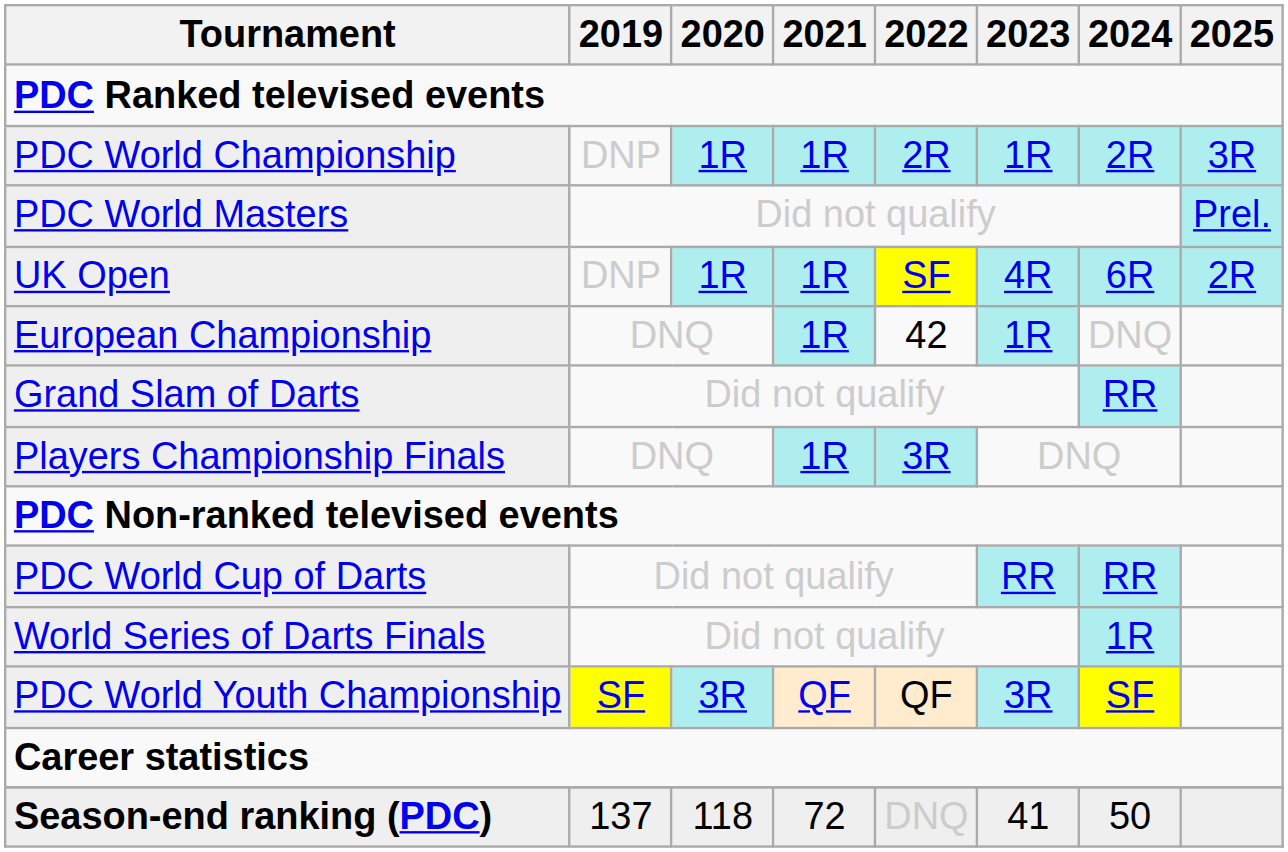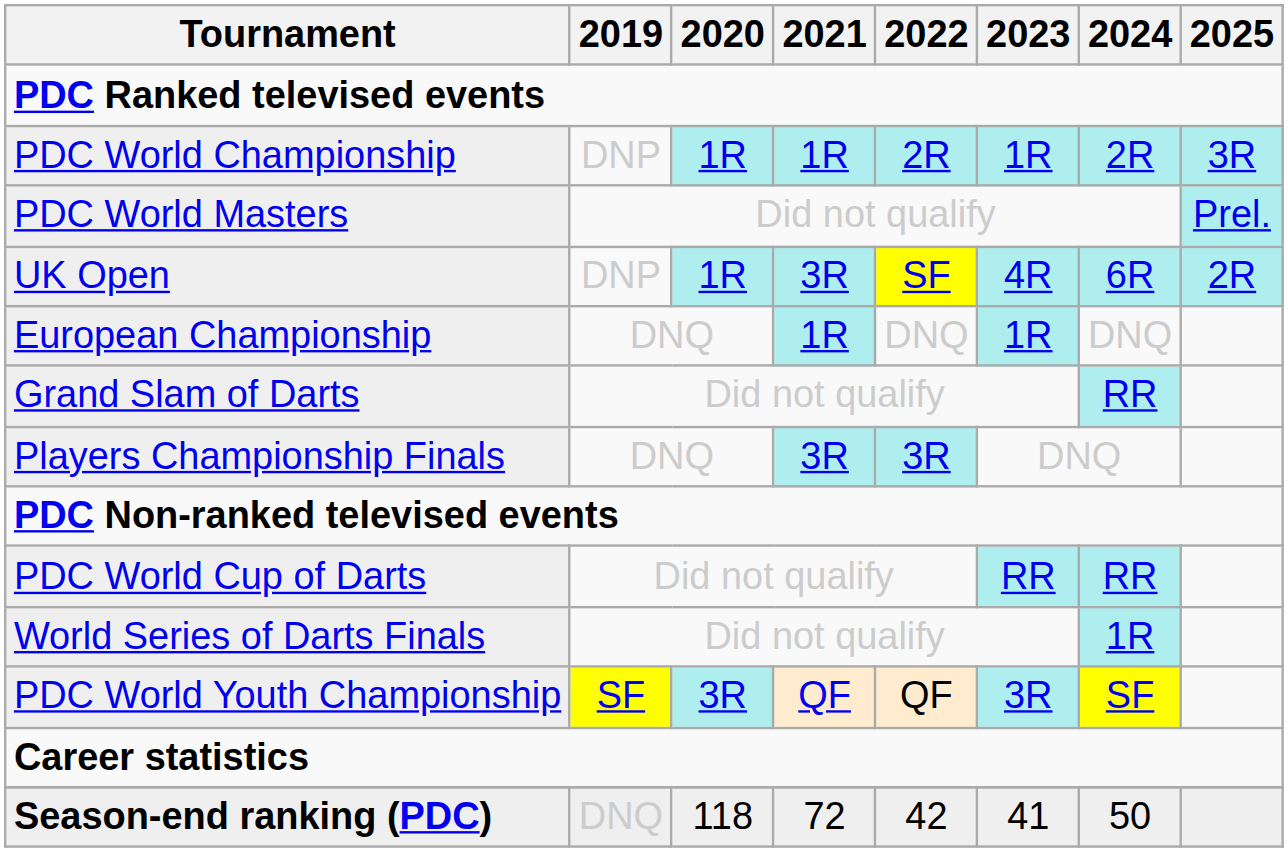 <table class="wikitable">
 <tr>
 <th>Tournament</th>
 <th>2019</th>
 <th>2020</th>
 <th>2021</th>
 <th>2022</th>
 <th>2023</th>
 <th>2024</th>
 <th>2025</th>
 </tr>
 <tr>
 <td colspan="14" align="left"><strong><a href='#'>PDC</a> Ranked televised events</strong></td>
 </tr>
 <tr>
 <td style="background:#efefef;"><a href='#'>PDC World Championship</a></td>
 <td style="text-align:center; color:#ccc;">DNP</td>
 <td style="text-align:center; background:#afeeee;"><a href='#'>1R</a></td>
 <td style="text-align:center; background:#afeeee;"><a href='#'>1R</a></td>
 <td style="text-align:center; background:#afeeee;"><a href='#'>2R</a></td>
 <td style="text-align:center; background:#afeeee;"><a href='#'>1R</a></td>
 <td style="text-align:center; background:#afeeee;"><a href='#'>2R</a></td>
 <td style="text-align:center; background:#afeeee;"><a href='#'>3R</a></td>
 </tr>
 <tr>
 <td style="background:#efefef;"><a href='#'>PDC World Masters</a></td>
 <td colspan="6" style="text-align:center; color:#ccc;">Did not qualify</td>
 <td style="text-align:center; background:#afeeee;"><a href='#'>Prel.</a></td>
 </tr>
 <tr>
 <td style="background:#efefef;"><a href='#'>UK Open</a></td>
 <td style="text-align:center; color:#ccc;">DNP</td>
 <td style="text-align:center; background:#afeeee;"><a href='#'>1R</a></td>
-<td style="text-align:center; background:#afeeee;"><a href='#'>1R</a></td>
+<td style="text-align:center; background:#afeeee;"><a href='#'>3R</a></td>
 <td style="text-align:center; background:yellow;"><a href='#'>SF</a></td>
 <td style="text-align:center; background:#afeeee;"><a href='#'>4R</a></td>
 <td style="text-align:center; background:#afeeee;"><a href='#'>6R</a></td>
 <td style="text-align:center; background:#afeeee;"><a href='#'>2R</a></td>
 </tr>
 <tr>
 <td style="background:#efefef;"><a href='#'>European Championship</a></td>
 <td colspan="2" style="text-align:center; color:#ccc;">DNQ</td>
 <td style="text-align:center; background:#afeeee;"><a href='#'>1R</a></td>
-<td style="text-align:center;">42</td>
+<td style="text-align:center; color:#ccc;">DNQ</td>
 <td style="text-align:center; background:#afeeee;"><a href='#'>1R</a></td>
 <td style="text-align:center; color:#ccc;">DNQ</td>
 <td></td>
 </tr>
 <tr>
 <td style="background:#efefef;"><a href='#'>Grand Slam of Darts</a></td>
 <td colspan="5" style="text-align:center; color:#ccc;">Did not qualify</td>
 <td style="text-align:center; background:#afeeee;"><a href='#'>RR</a></td>
 <td></td>
 </tr>
 <tr>
 <td style="background:#efefef;"><a href='#'>Players Championship Finals</a></td>
 <td colspan="2" style="text-align:center; color:#ccc;">DNQ</td>
-<td style="text-align:center; background:#afeeee;"><a href='#'>1R</a></td>
+<td style="text-align:center; background:#afeeee;"><a href='#'>3R</a></td>
 <td style="text-align:center; background:#afeeee;"><a href='#'>3R</a></td>
 <td colspan="2" style="text-align:center; color:#ccc;">DNQ</td>
 <td></td>
 </tr>
 <tr>
 <td colspan="14" align="left"><strong><a href='#'>PDC</a> Non-ranked televised events</strong></td>
 </tr>
 <tr>
 <td style="background:#efefef;"><a href='#'>PDC World Cup of Darts</a></td>
 <td colspan="4" style="text-align:center; color:#ccc;">Did not qualify</td>
 <td style="text-align:center; background:#afeeee;"><a href='#'>RR</a></td>
 <td style="text-align:center; background:#afeeee;"><a href='#'>RR</a></td>
 <td></td>
 </tr>
 <tr>
 <td style="background:#efefef;"><a href='#'>World Series of Darts Finals</a></td>
 <td colspan="5" style="text-align:center; color:#ccc;">Did not qualify</td>
 <td style="text-align:center; background:#afeeee;"><a href='#'>1R</a></td>
 <td></td>
 </tr>
 <tr>
 <td style="background:#efefef;"><a href='#'>PDC World Youth Championship</a></td>
 <td style="text-align:center; background:yellow;"><a href='#'>SF</a></td>
 <td style="text-align:center; background:#afeeee;"><a href='#'>3R</a></td>
 <td style="text-align:center; background:#ffebcd;"><a href='#'>QF</a></td>
 <td style="text-align:center; background:#ffebcd;">QF</td>
 <td style="text-align:center; background:#afeeee;"><a href='#'>3R</a></td>
 <td style="text-align:center; background:yellow;"><a href='#'>SF</a></td>
 <td></td>
 </tr>
 <tr>
 <td colspan="13" align="left"><strong>Career statistics</strong></td>
 </tr>
 <tr>
 </tr>
 <tr bgcolor="efefef">
 <td align="left"><strong>Season-end ranking (<a href='#'>PDC</a>)</strong></td>
-<td style="text-align:center;">137</td>
+<td style="text-align:center; color:#ccc;">DNQ</td>
 <td style="text-align:center;">118</td>
 <td style="text-align:center;">72</td>
-<td style="text-align:center; color:#ccc;">DNQ</td>
+<td style="text-align:center;">42</td>
 <td style="text-align:center;">41</td>
 <td style="text-align:center;">50</td>
 <td></td>
 </tr>
 </table>
